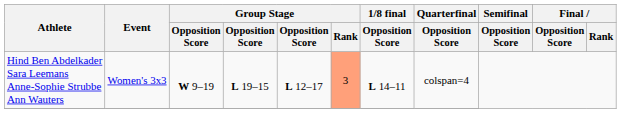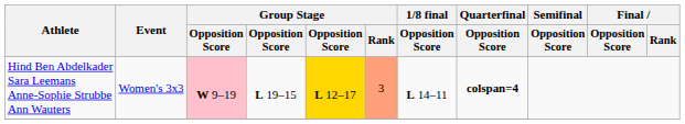 <table class="wikitable" style="font-size:90%">
 <tr>
 <th rowspan=2>Athlete</th>
 <th rowspan=2>Event</th>
 <th colspan=4>Group Stage</th>
 <th>1/8 final</th>
 <th>Quarterfinal</th>
 <th>Semifinal</th>
 <th colspan=2>Final / </th>
 </tr>
 <tr style="font-size:95%">
 <th>Opposition<br>Score</th>
 <th>Opposition<br>Score</th>
 <th>Opposition<br>Score</th>
 <th>Rank</th>
 <th>Opposition<br>Score</th>
 <th>Opposition<br>Score</th>
 <th>Opposition<br>Score</th>
 <th>Opposition<br>Score</th>
 <th>Rank</th>
 </tr>
 <tr align=center>
 <td align=left><a href='#'>Hind Ben Abdelkader</a> <br> <a href='#'>Sara Leemans</a> <br> <a href='#'>Anne-Sophie Strubbe</a> <br> <a href='#'>Ann Wauters</a></td>
 <td align=left><a href='#'>Women's 3x3</a></td>
-<td><br><strong>W</strong> 9–19</td>
+<td style="background: pink;"><br><strong>W</strong> 9–19</td>
 <td><br><strong>L</strong> 19–15</td>
-<td><br><strong>L</strong> 12–17</td>
+<td style="background: gold;"><br><strong>L</strong> 12–17</td>
 <td style="background: lightsalmon;">3</td>
 <td><br><strong>L</strong> 14–11</td>
-<td>colspan=4 </td>
+<td><strong>colspan=4 </strong></td>
 </tr>
 <tr align=center>
 </tr>
 </table>
